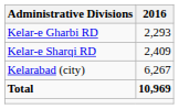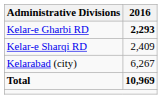 <table class="wikitable">
 <tr>
 <th>Administrative Divisions</th>
 <th>2016</th>
 </tr>
 <tr>
 <td><a href='#'>Kelar-e Gharbi RD</a></td>
-<td style="text-align: right;">2,293</td>
+<td style="text-align: right;"><strong>2,293</strong></td>
 </tr>
 <tr>
 <td><a href='#'>Kelar-e Sharqi RD</a></td>
 <td style="text-align: right;">2,409</td>
 </tr>
 <tr>
 <td><a href='#'>Kelarabad</a> (city)</td>
 <td style="text-align: right;">6,267</td>
 </tr>
 <tr>
 <td><strong>Total</strong></td>
 <td style="text-align: right;"><strong>10,969</strong></td>
 </tr>
 <tr>
 <td colspan=2></td>
 </tr>
 </table>
